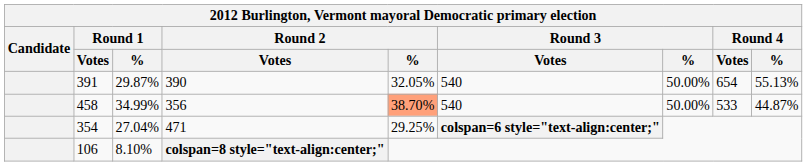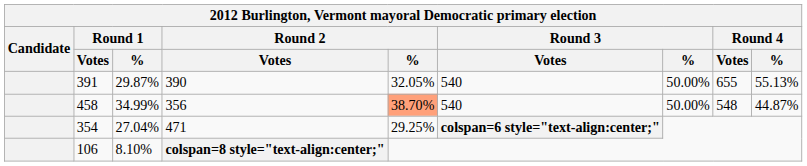 <table class="wikitable sortable">
 <tr>
 <th colspan="9">2012 Burlington, Vermont mayoral Democratic primary election</th>
 </tr>
 <tr style="background:#eee; text-align:center;">
 <th rowspan=2 style="text-align:center;">Candidate</th>
 <th colspan=2 style="text-align:center;">Round 1</th>
 <th colspan=2 style="text-align:center;">Round 2</th>
 <th colspan=2 style="text-align:center;">Round 3</th>
 <th colspan=2 style="text-align:center;">Round 4</th>
 </tr>
 <tr>
 <th>Votes</th>
 <th>%</th>
 <th>Votes</th>
 <th>%</th>
 <th>Votes</th>
 <th>%</th>
 <th>Votes</th>
 <th>%</th>
 </tr>
 <tr>
 <th scope="row" style="text-align:left;"></th>
 <td>391</td>
 <td>29.87%</td>
 <td>390</td>
 <td>32.05%</td>
 <td>540</td>
 <td>50.00%</td>
-<td> 654</td>
+<td> 655</td>
 <td> 55.13%</td>
 </tr>
 <tr>
 <th scope="row" style="text-align:left;"></th>
 <td>458</td>
 <td>34.99%</td>
 <td>356</td>
 <td style="background: lightsalmon;">38.70%</td>
 <td>540</td>
 <td>50.00%</td>
-<td> 533</td>
+<td> 548</td>
 <td> 44.87%</td>
 </tr>
 <tr>
 <th scope="row" style="text-align:left;"></th>
 <td>354</td>
 <td>27.04%</td>
 <td>471</td>
 <td>29.25%</td>
 <th>colspan=6 style="text-align:center;" </th>
 </tr>
 <tr>
 <th scope="row" style="text-align:left;"></th>
 <td>106</td>
 <td>8.10%</td>
 <th>colspan=8 style="text-align:center;" </th>
 </tr>
 </table>
